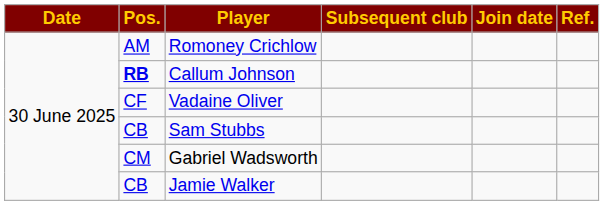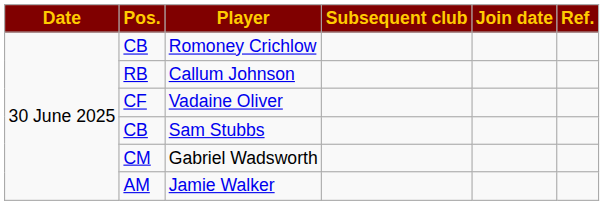 <table class="wikitable plainrowheaders sortable">
 <tr>
 <th style="color:#FFCC00; background:#800000; ">Date</th>
 <th style="color:#FFCC00; background:#800000; ">Pos.</th>
 <th style="color:#FFCC00; background:#800000; ">Player</th>
 <th style="color:#FFCC00; background:#800000; ">Subsequent club</th>
 <th style="color:#FFCC00; background:#800000; ">Join date</th>
 <th style="color:#FFCC00; background:#800000; ">Ref.</th>
 </tr>
 <tr>
 <td rowspan="6">30 June 2025</td>
-<td><a href='#'>AM</a></td>
+<td><a href='#'>CB</a></td>
 <td> <a href='#'>Romoney Crichlow</a></td>
 <td></td>
 <td></td>
 <td></td>
 </tr>
 <tr>
-<td><strong><a href='#'>RB</a></strong></td>
+<td><a href='#'>RB</a></td>
 <td> <a href='#'>Callum Johnson</a></td>
 <td></td>
 <td></td>
 <td></td>
 </tr>
 <tr>
 <td><a href='#'>CF</a></td>
 <td> <a href='#'>Vadaine Oliver</a></td>
 <td></td>
 <td></td>
 <td></td>
 </tr>
 <tr>
 <td><a href='#'>CB</a></td>
 <td> <a href='#'>Sam Stubbs</a></td>
 <td></td>
 <td></td>
 <td></td>
 </tr>
 <tr>
 <td><a href='#'>CM</a></td>
 <td> Gabriel Wadsworth</td>
 <td></td>
 <td></td>
 <td></td>
 </tr>
 <tr>
-<td><a href='#'>CB</a></td>
+<td><a href='#'>AM</a></td>
 <td> <a href='#'>Jamie Walker</a></td>
 <td></td>
 <td></td>
 <td></td>
 </tr>
 </table>
